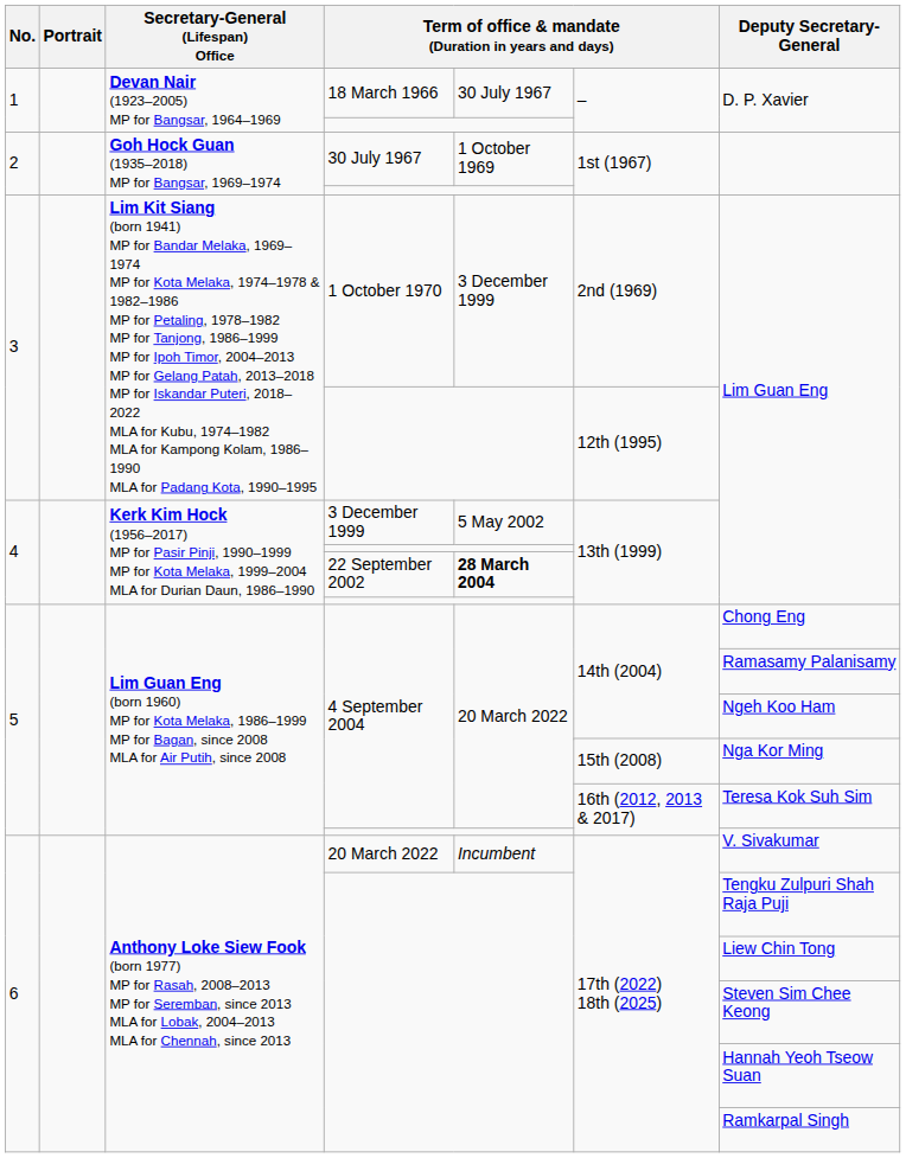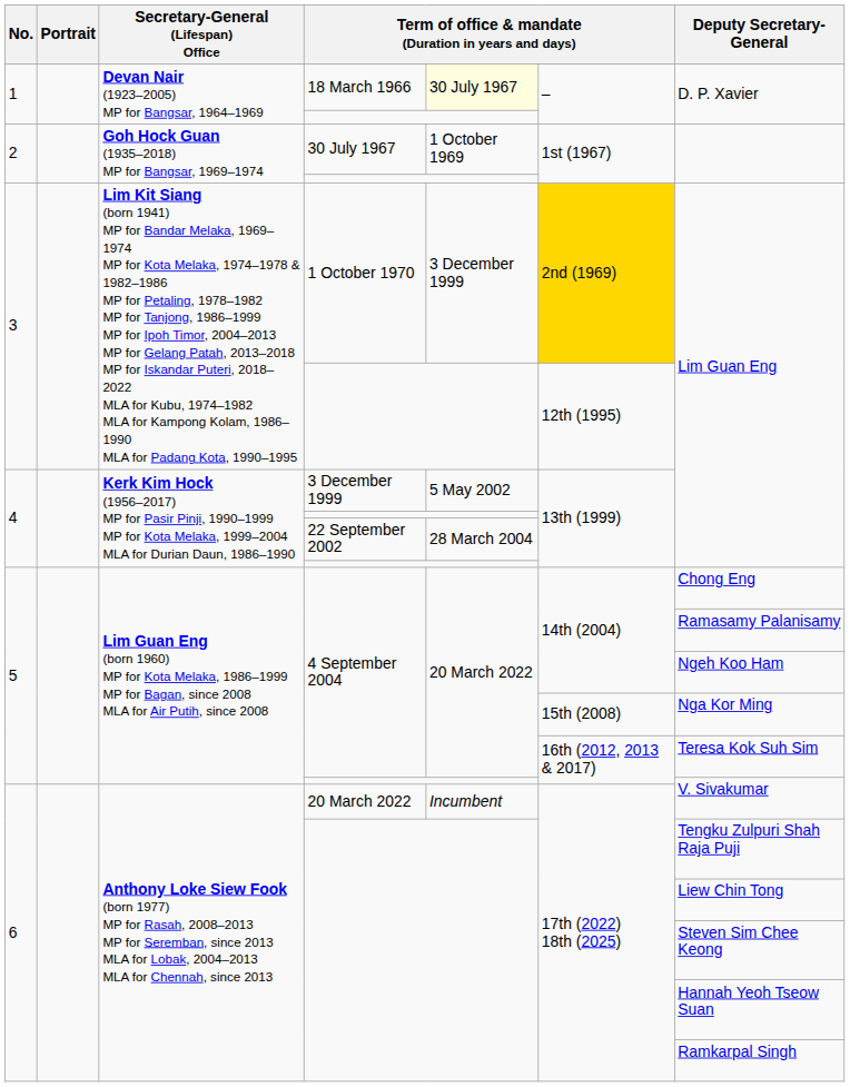 <table class="wikitable">
 <tr>
 <th>No.</th>
 <th>Portrait</th>
 <th>Secretary-General<br><small>(Lifespan)</small><br><small>Office</small></th>
 <th colspan="3">Term of office & mandate<br><small>(Duration in years and days)</small></th>
 <th>Deputy Secretary-General</th>
 </tr>
 <tr>
 <td rowspan="2">1</td>
 <td rowspan="2"></td>
 <td rowspan="2"><strong><a href='#'>Devan Nair</a></strong> <br><small>(1923–2005)</small> <br> <small> MP for <a href='#'>Bangsar</a>, 1964–1969 </small></td>
 <td>18 March 1966</td>
-<td>30 July 1967</td>
+<td style="background: lightyellow;">30 July 1967</td>
 <td rowspan="2">–</td>
 <td rowspan="2">D. P. Xavier</td>
 </tr>
 <tr>
 <td colspan="2" align="center"></td>
 </tr>
 <tr>
 <td rowspan="2">2</td>
 <td rowspan="2"></td>
 <td rowspan="2"><strong><a href='#'>Goh Hock Guan</a></strong> <br><small>(1935–2018)</small> <br> <small> MP for <a href='#'>Bangsar</a>, 1969–1974 </small></td>
 <td>30 July 1967</td>
 <td>1 October 1969</td>
 <td rowspan="2">1st (1967)</td>
 <td rowspan="2"></td>
 </tr>
 <tr>
 <td colspan="2" align="center"></td>
 </tr>
 <tr>
 <td rowspan="2">3</td>
 <td rowspan="2"></td>
 <td rowspan="2"><strong><a href='#'>Lim Kit Siang</a></strong><br> <small>(born 1941) </small> <br> <small> MP for <a href='#'>Bandar Melaka</a>, 1969–1974</small><br><small>MP for <a href='#'>Kota Melaka</a>, 1974–1978 & 1982–1986</small><br><small>MP for <a href='#'>Petaling</a>, 1978–1982</small><br><small>MP for <a href='#'>Tanjong</a>, 1986–1999</small><br><small>MP for <a href='#'>Ipoh Timor</a>, 2004–2013</small><br><small>MP for <a href='#'>Gelang Patah</a>, 2013–2018</small><br><small>MP for <a href='#'>Iskandar Puteri</a>, 2018–2022</small><br><small> MLA for Kubu, 1974–1982</small><br><small>MLA for Kampong Kolam, 1986–1990</small><br><small>MLA for <a href='#'>Padang Kota</a>, 1990–1995</small></td>
 <td>1 October 1970</td>
 <td>3 December 1999</td>
-<td>2nd (1969)</td>
+<td style="background: gold;">2nd (1969)</td>
 <td rowspan="6"><a href='#'>Lim Guan Eng</a> <br>  <br> </td>
 </tr>
 <tr>
 <td colspan="2" align="center"></td>
 <td>12th (1995)</td>
 </tr>
 <tr>
 <td rowspan="4">4</td>
 <td rowspan="4"></td>
 <td rowspan="4"><strong><a href='#'>Kerk Kim Hock</a></strong> <br> <small>(1956–2017)</small> <br> <small>MP for <a href='#'>Pasir Pinji</a>, 1990–1999</small> <br> <small>MP for <a href='#'>Kota Melaka</a>, 1999–2004</small> <br> <small>MLA for Durian Daun, 1986–1990</small></td>
 <td>3 December 1999</td>
 <td>5 May 2002</td>
 <td rowspan="4">13th (1999)</td>
 </tr>
 <tr>
 <td colspan="2" align="center"></td>
 </tr>
 <tr>
 <td>22 September 2002</td>
-<td><strong>28 March 2004</strong></td>
+<td>28 March 2004</td>
 </tr>
 <tr>
 <td colspan="2" align="center"></td>
 </tr>
 <tr>
 <td rowspan="7">5</td>
 <td rowspan="7"></td>
 <td rowspan="7"><strong><a href='#'>Lim Guan Eng</a></strong> <br><small>(born 1960)</small> <br> <small> MP for <a href='#'>Kota Melaka</a>, 1986–1999 </small><br><small>MP for <a href='#'>Bagan</a>, since 2008 </small><br> <small>MLA for <a href='#'>Air Putih</a>, since 2008 </small></td>
 <td rowspan="6">4 September 2004</td>
 <td rowspan="6">20 March 2022</td>
 <td rowspan="4">14th (2004)</td>
 <td><a href='#'>Chong Eng</a> <br> <br> </td>
 </tr>
 <tr>
 <td><a href='#'>Ramasamy Palanisamy</a> <br>  <br> </td>
 </tr>
 <tr>
 <td><a href='#'>Ngeh Koo Ham</a> <br>  <br> </td>
 </tr>
 <tr>
 <td rowspan="2"><a href='#'>Nga Kor Ming</a> <br>  <br> </td>
 </tr>
 <tr>
 <td>15th (2008)</td>
 </tr>
 <tr>
 <td rowspan="2">16th (<a href='#'>2012</a>, <a href='#'>2013</a> & 2017)</td>
 <td><a href='#'>Teresa Kok Suh Sim</a> <br>  <br> </td>
 </tr>
 <tr>
 <td colspan="2" align="center"></td>
 <td rowspan="2"><a href='#'>V. Sivakumar</a> <br>  <br> </td>
 </tr>
 <tr>
 <td rowspan="6">6</td>
 <td rowspan="6"></td>
 <td rowspan="6"><strong><a href='#'>Anthony Loke Siew Fook</a></strong> <br> <small>(born 1977)</small> <br> <small>MP for <a href='#'>Rasah</a>, 2008–2013</small> <br> <small>MP for <a href='#'>Seremban</a>, since 2013 </small><br> <small>MLA for <a href='#'>Lobak</a>, 2004–2013 </small> <br> <small>MLA for <a href='#'>Chennah</a>, since 2013</small></td>
 <td>20 March 2022</td>
 <td><em>Incumbent</em></td>
 <td rowspan="6">17th (<a href='#'>2022</a>)<br>18th (<a href='#'>2025</a>)</td>
 </tr>
 <tr>
 <td colspan="2" rowspan="5" align="center"></td>
 <td><a href='#'>Tengku Zulpuri Shah Raja Puji</a> <br>  <br> </td>
 </tr>
 <tr>
 <td><a href='#'>Liew Chin Tong</a> <br>  <br> </td>
 </tr>
 <tr>
 <td><a href='#'>Steven Sim Chee Keong</a> <br>  <br> </td>
 </tr>
 <tr>
 <td><a href='#'>Hannah Yeoh Tseow Suan</a> <br>  <br> </td>
 </tr>
 <tr>
 <td><a href='#'>Ramkarpal Singh</a> <br>  <br> </td>
 </tr>
 </table>
